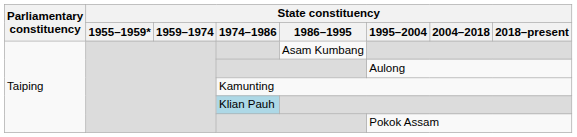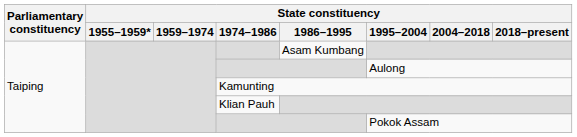 <table class="wikitable">
 <tr>
 <th rowspan="2">Parliamentary<br>constituency</th>
 <th colspan="7">State constituency</th>
 </tr>
 <tr>
 <th>1955–1959*</th>
 <th>1959–1974</th>
 <th>1974–1986</th>
 <th>1986–1995</th>
 <th>1995–2004</th>
 <th>2004–2018</th>
 <th>2018–present</th>
 </tr>
 <tr>
 <td rowspan="5">Taiping</td>
 <td colspan="2" rowspan="5" bgcolor="dcdcdc"></td>
 <td bgcolor="dcdcdc"></td>
 <td>Asam Kumbang</td>
 <td colspan="3" bgcolor="dcdcdc"></td>
 </tr>
 <tr>
 <td colspan="2" bgcolor="dcdcdc"></td>
 <td colspan="3">Aulong</td>
 </tr>
 <tr>
 <td colspan="5">Kamunting</td>
 </tr>
 <tr>
-<td style="background: lightblue;">Klian Pauh</td>
+<td>Klian Pauh</td>
 <td colspan="4" bgcolor="dcdcdc"></td>
 </tr>
 <tr>
 <td colspan="2" bgcolor="dcdcdc"></td>
 <td colspan="3">Pokok Assam</td>
 </tr>
 </table>
